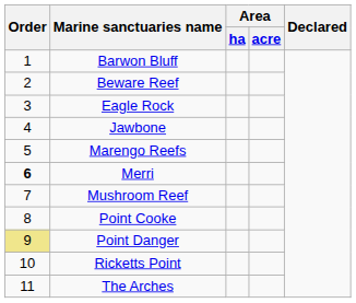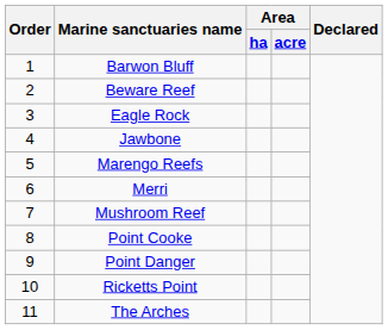 <table class="wikitable sortable plainrowheaders" style="text-align:center;">
 <tr>
 <th scope="col" rowspan="2">Order</th>
 <th scope="col" rowspan="2">Marine sanctuaries name</th>
 <th scope="col" colspan="2">Area</th>
 <th scope="col" rowspan="2">Declared<br></th>
 </tr>
 <tr>
 <th scope="col"><a href='#'>ha</a></th>
 <th scope="col"><a href='#'>acre</a></th>
 </tr>
 <tr>
 <td scope="row">1</td>
 <td><a href='#'>Barwon Bluff</a></td>
 <td></td>
 <td></td>
 </tr>
 <tr>
 <td scope="row">2</td>
 <td><a href='#'>Beware Reef</a></td>
 <td></td>
 <td></td>
 </tr>
 <tr>
 <td scope="row">3</td>
 <td><a href='#'>Eagle Rock</a></td>
 <td></td>
 <td></td>
 </tr>
 <tr>
 <td scope="row">4</td>
 <td><a href='#'>Jawbone</a></td>
 <td></td>
 <td></td>
 </tr>
 <tr>
 <td scope="row">5</td>
 <td><a href='#'>Marengo Reefs</a></td>
 <td></td>
 <td></td>
 </tr>
 <tr>
-<td scope="row"><strong>6</strong></td>
+<td scope="row">6</td>
 <td><a href='#'>Merri</a></td>
 <td></td>
 <td></td>
 </tr>
 <tr>
 <td scope="row">7</td>
 <td><a href='#'>Mushroom Reef</a></td>
 <td></td>
 <td></td>
 </tr>
 <tr>
 <td scope="row">8</td>
 <td><a href='#'>Point Cooke</a></td>
 <td></td>
 <td></td>
 </tr>
 <tr>
-<td scope="row" style="background: khaki;">9</td>
+<td scope="row">9</td>
 <td><a href='#'>Point Danger</a></td>
 <td></td>
 <td></td>
 </tr>
 <tr>
 <td scope="row">10</td>
 <td><a href='#'>Ricketts Point</a></td>
 <td></td>
 <td></td>
 </tr>
 <tr>
 <td scope="row">11</td>
 <td><a href='#'>The Arches</a></td>
 <td></td>
 <td></td>
 </tr>
 </table>
